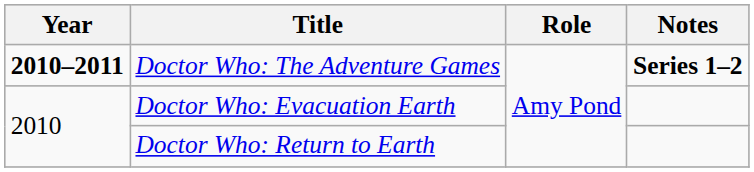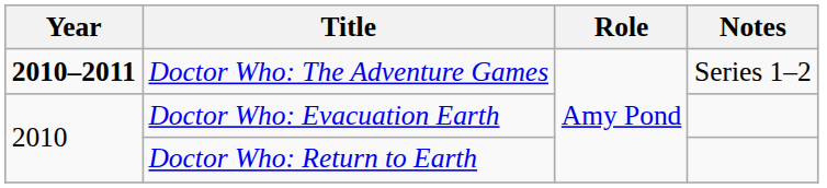 <table class="wikitable sortable">
 <tr>
 <th>Year</th>
 <th>Title</th>
 <th>Role</th>
 <th class="unsortable">Notes</th>
 </tr>
 <tr>
 <td><strong>2010–2011</strong></td>
 <td><em><a href='#'>Doctor Who: The Adventure Games</a></em></td>
 <td rowspan=3><a href='#'>Amy Pond</a></td>
-<td><strong>Series 1–2</strong></td>
+<td>Series 1–2</td>
 </tr>
 <tr>
 <td rowspan=2>2010</td>
 <td><em><a href='#'>Doctor Who: Evacuation Earth</a></em></td>
 <td></td>
 </tr>
 <tr>
 <td><em><a href='#'>Doctor Who: Return to Earth</a></em></td>
 <td></td>
 </tr>
 </table>
